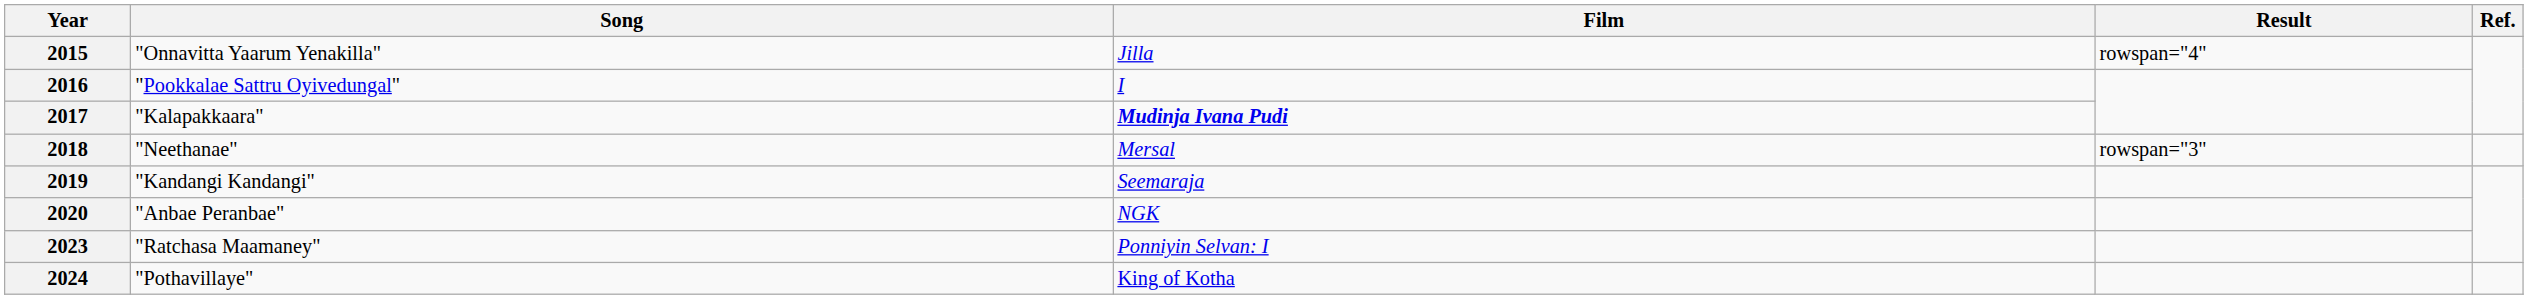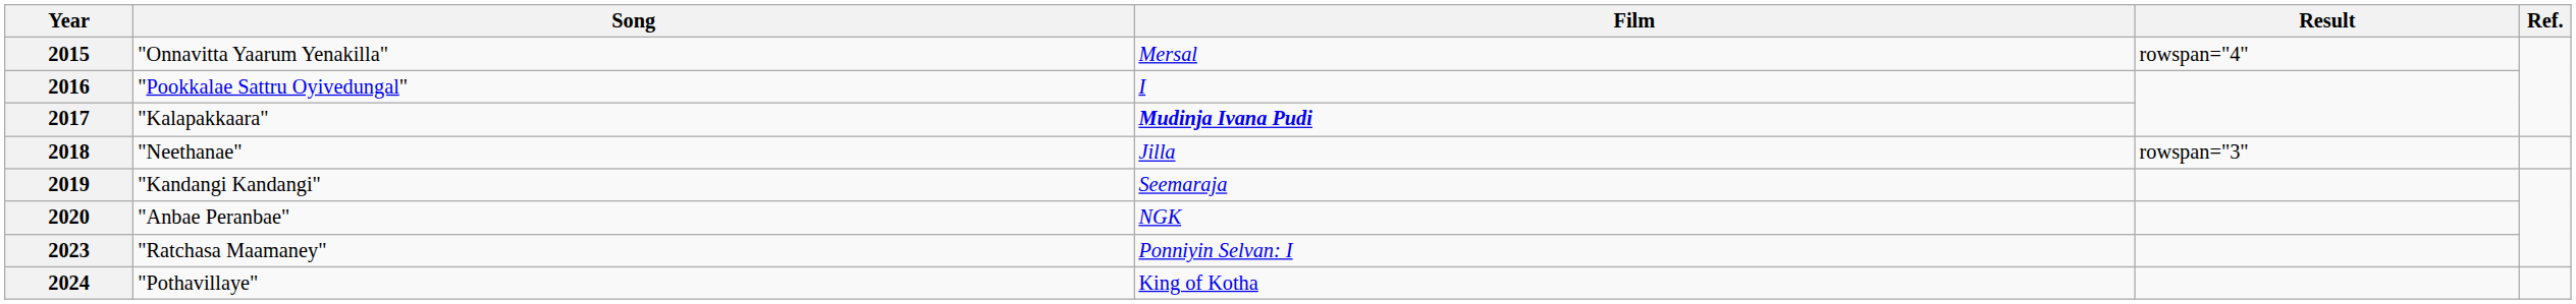 <table class="wikitable plainrowheaders" width="100%" textcolor:#000;">
 <tr>
 <th scope="col" width=5%><strong>Year</strong></th>
 <th scope="col" width=39%><strong>Song</strong></th>
 <th scope="col" width=39%><strong>Film</strong></th>
 <th scope="col" width=15%><strong>Result</strong></th>
 <th scope="col" width=2%><strong>Ref.</strong></th>
 </tr>
 <tr>
 <th scope="row">2015</th>
 <td>"Onnavitta Yaarum Yenakilla"</td>
-<td><em><a href='#'>Jilla</a></em></td>
+<td><a href='#'><em>Mersal</em></a></td>
 <td>rowspan="4"</td>
 <td rowspan="3"></td>
 </tr>
 <tr>
 <th scope="row">2016</th>
 <td>"<a href='#'>Pookkalae Sattru Oyivedungal</a>"</td>
 <td><a href='#'><em>I</em></a></td>
 </tr>
 <tr>
 <th scope="row">2017</th>
 <td>"Kalapakkaara"</td>
 <td><strong><a href='#'><em>Mudinja Ivana Pudi</em></a></strong></td>
 </tr>
 <tr>
 <th scope="row">2018</th>
 <td>"Neethanae"</td>
-<td><a href='#'><em>Mersal</em></a></td>
+<td><em><a href='#'>Jilla</a></em></td>
 <td>rowspan="3" </td>
 <td></td>
 </tr>
 <tr>
 <th scope="row">2019</th>
 <td>"Kandangi Kandangi"</td>
 <td><em><a href='#'>Seemaraja</a></em></td>
 <td></td>
 </tr>
 <tr>
 <th scope="row">2020</th>
 <td>"Anbae Peranbae"</td>
 <td><a href='#'><em>NGK</em></a></td>
 <td></td>
 </tr>
 <tr>
 <th scope="row">2023</th>
 <td>"Ratchasa Maamaney"</td>
 <td><em><a href='#'>Ponniyin Selvan: I</a></em></td>
 <td></td>
 </tr>
 <tr>
 <th scope="row">2024</th>
 <td>"Pothavillaye"</td>
 <td><a href='#'>King of Kotha</a></td>
 <td></td>
 <td></td>
 </tr>
 </table>
